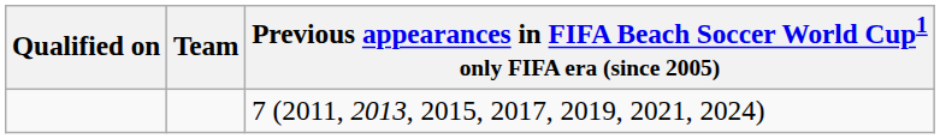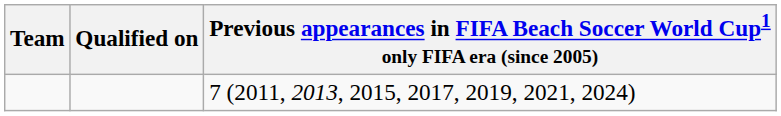 <table class="wikitable sortable">
 <tr>
+<th>Team</th>
 <th>Qualified on</th>
-<th>Team</th>
 <th data-sort-type="number">Previous <a href='#'>appearances</a> in <a href='#'>FIFA Beach Soccer World Cup</a><sup><strong><a href='#'>1</a></strong></sup><br><small>only FIFA era (since 2005)</small></th>
 </tr>
 <tr>
 <td></td>
 <td></td>
 <td>7 (2011, <em>2013</em>, 2015, 2017, 2019, 2021, 2024)</td>
 </tr>
 </table>
